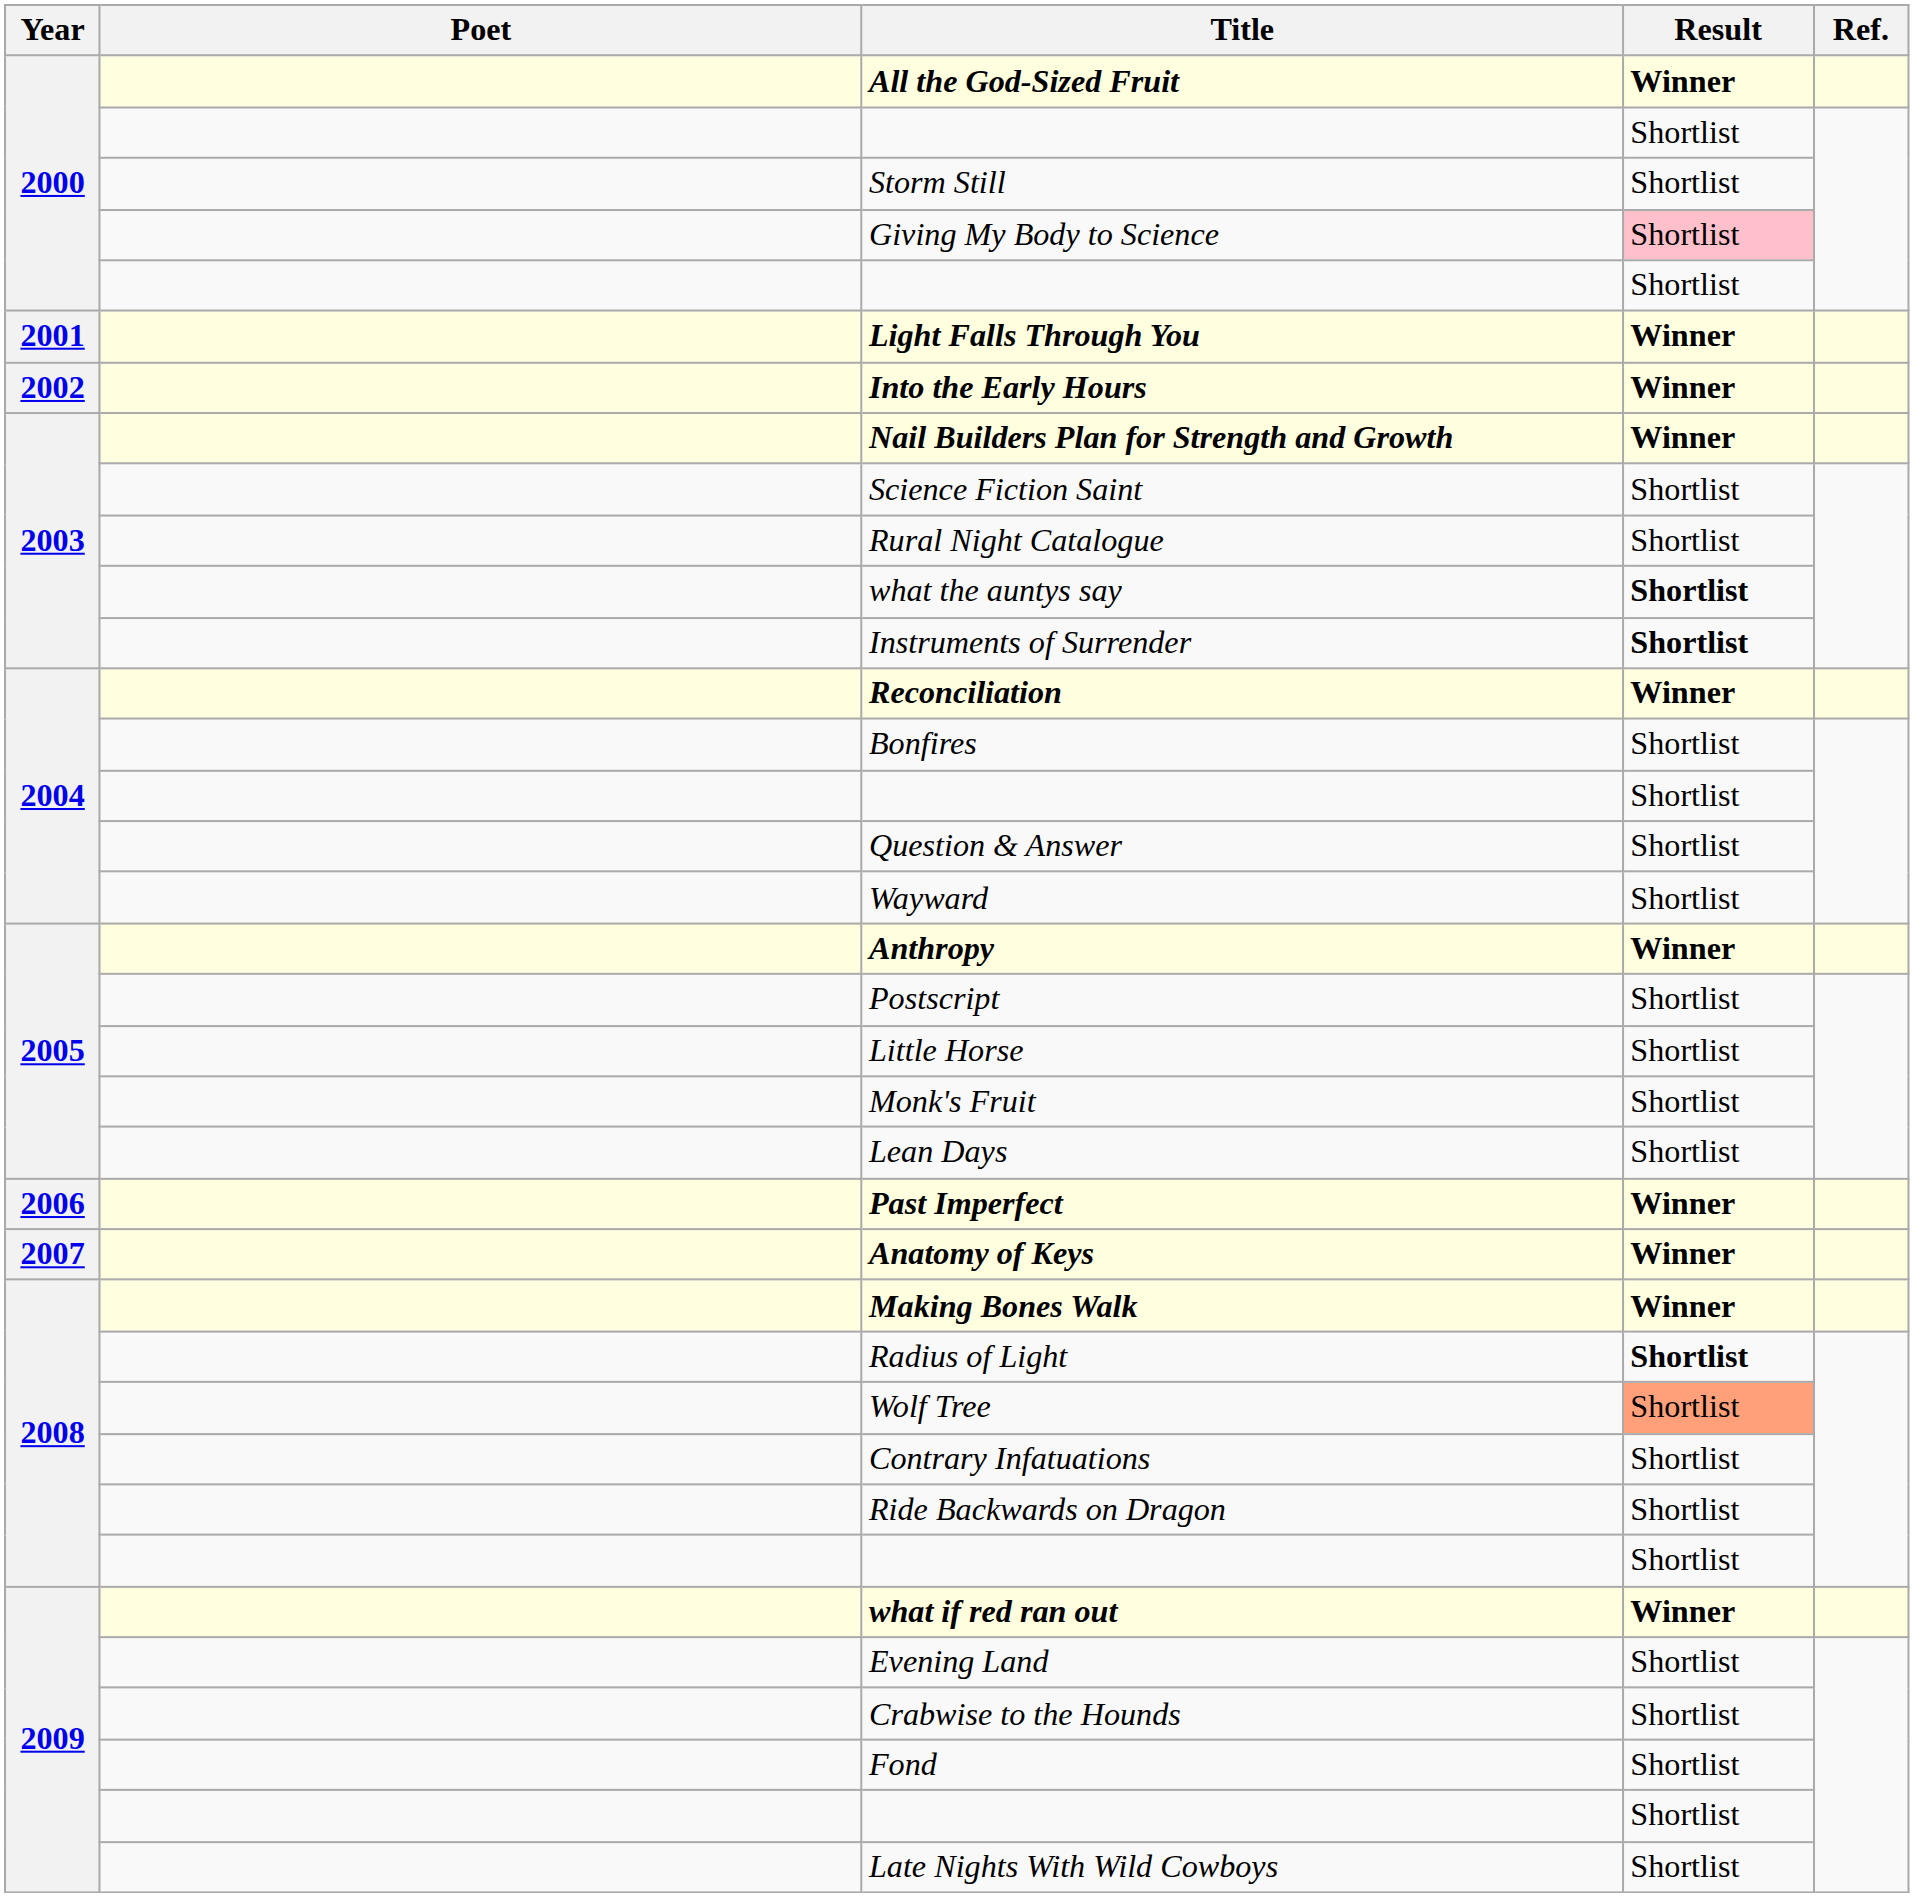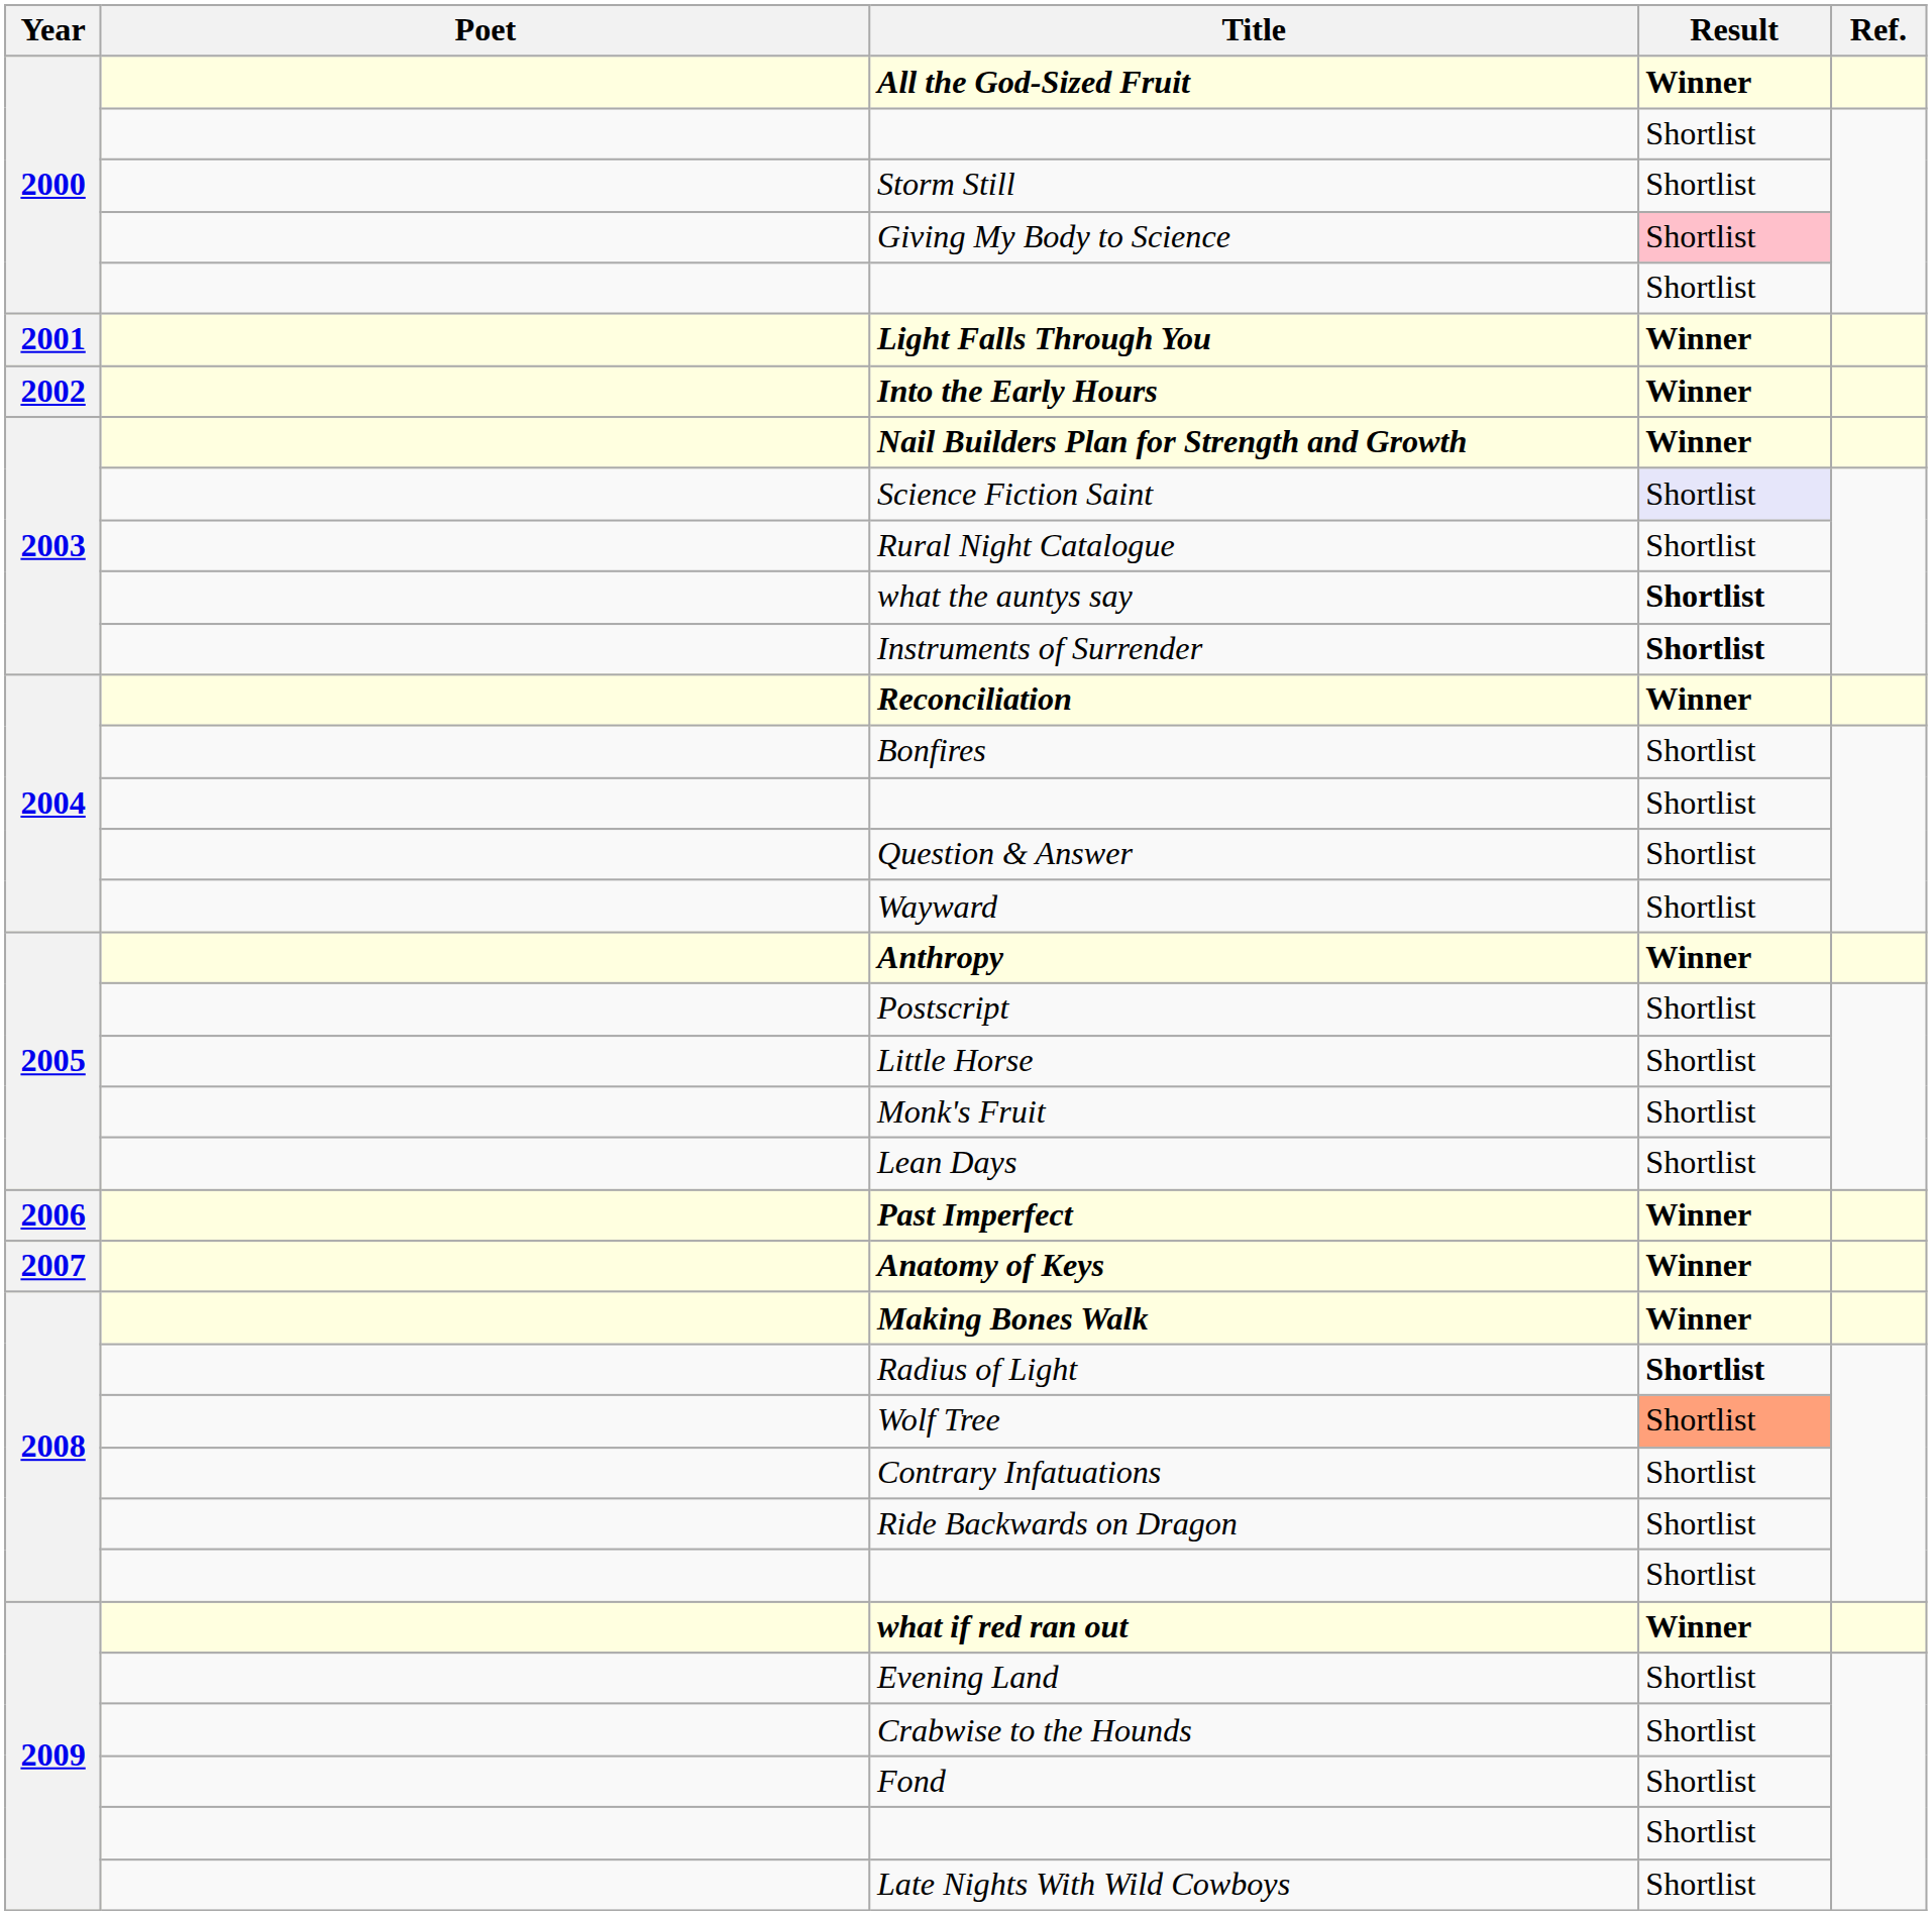 <table class="wikitable sortable mw-collapsible" width=75% width=100%>
 <tr>
 <th width=5%>Year</th>
 <th width=40%>Poet</th>
 <th width=40%>Title</th>
 <th width=10%>Result</th>
 <th width=5% class="unsortable">Ref.</th>
 </tr>
 <tr style=background:lightyellow>
 <th rowspan="5"><a href='#'>2000</a></th>
 <td><strong></strong></td>
 <td><strong><em>All the God-Sized Fruit</em></strong></td>
 <td><strong>Winner</strong></td>
 <td></td>
 </tr>
 <tr>
 <td></td>
 <td><em></em></td>
 <td>Shortlist</td>
 <td rowspan=4></td>
 </tr>
 <tr>
 <td></td>
 <td><em>Storm Still</em></td>
 <td>Shortlist</td>
 </tr>
 <tr>
 <td></td>
 <td><em>Giving My Body to Science</em></td>
 <td style="background: pink;">Shortlist</td>
 </tr>
 <tr>
 <td></td>
 <td><em></em></td>
 <td>Shortlist</td>
 </tr>
 <tr style=background:lightyellow>
 <th><a href='#'>2001</a></th>
 <td><strong></strong></td>
 <td><strong><em>Light Falls Through You</em></strong></td>
 <td><strong>Winner</strong></td>
 <td></td>
 </tr>
 <tr style=background:lightyellow>
 <th><a href='#'>2002</a></th>
 <td><strong></strong></td>
 <td><strong><em>Into the Early Hours</em></strong></td>
 <td><strong>Winner</strong></td>
 <td></td>
 </tr>
 <tr style=background:lightyellow>
 <th rowspan="5"><a href='#'>2003</a></th>
 <td><strong></strong></td>
 <td><strong><em>Nail Builders Plan for Strength and Growth</em></strong></td>
 <td><strong>Winner</strong></td>
 <td></td>
 </tr>
 <tr>
 <td></td>
 <td><em>Science Fiction Saint</em></td>
-<td>Shortlist</td>
+<td style="background: lavender;">Shortlist</td>
 <td rowspan=4></td>
 </tr>
 <tr>
 <td></td>
 <td><em>Rural Night Catalogue</em></td>
 <td>Shortlist</td>
 </tr>
 <tr>
 <td></td>
 <td><em>what the auntys say</em></td>
 <td><strong>Shortlist</strong></td>
 </tr>
 <tr>
 <td></td>
 <td><em>Instruments of Surrender</em></td>
 <td><strong>Shortlist</strong></td>
 </tr>
 <tr style=background:lightyellow>
 <th rowspan="5"><a href='#'>2004</a></th>
 <td><strong></strong></td>
 <td><strong><em>Reconciliation</em></strong></td>
 <td><strong>Winner</strong></td>
 <td></td>
 </tr>
 <tr>
 <td></td>
 <td><em>Bonfires</em></td>
 <td>Shortlist</td>
 <td rowspan=4></td>
 </tr>
 <tr>
 <td></td>
 <td><em></em></td>
 <td>Shortlist</td>
 </tr>
 <tr>
 <td></td>
 <td><em>Question & Answer</em></td>
 <td>Shortlist</td>
 </tr>
 <tr>
 <td></td>
 <td><em>Wayward</em></td>
 <td>Shortlist</td>
 </tr>
 <tr style=background:lightyellow>
 <th rowspan="5"><a href='#'>2005</a></th>
 <td><strong></strong></td>
 <td><strong><em>Anthropy</em></strong></td>
 <td><strong>Winner</strong></td>
 <td></td>
 </tr>
 <tr>
 <td></td>
 <td><em>Postscript</em></td>
 <td>Shortlist</td>
 <td rowspan=4></td>
 </tr>
 <tr>
 <td></td>
 <td><em>Little Horse</em></td>
 <td>Shortlist</td>
 </tr>
 <tr>
 <td></td>
 <td><em>Monk's Fruit</em></td>
 <td>Shortlist</td>
 </tr>
 <tr>
 <td></td>
 <td><em>Lean Days</em></td>
 <td>Shortlist</td>
 </tr>
 <tr style=background:lightyellow>
 <th><a href='#'>2006</a></th>
 <td><strong></strong></td>
 <td><strong><em>Past Imperfect</em></strong></td>
 <td><strong>Winner</strong></td>
 <td></td>
 </tr>
 <tr style=background:lightyellow>
 <th><a href='#'>2007</a></th>
 <td><strong></strong></td>
 <td><strong><em>Anatomy of Keys</em></strong></td>
 <td><strong>Winner</strong></td>
 <td></td>
 </tr>
 <tr style=background:lightyellow>
 <th rowspan="6"><a href='#'>2008</a></th>
 <td><strong></strong></td>
 <td><strong><em>Making Bones Walk</em></strong></td>
 <td><strong>Winner</strong></td>
 <td></td>
 </tr>
 <tr>
 <td></td>
 <td><em>Radius of Light</em></td>
 <td><strong>Shortlist</strong></td>
 <td rowspan=5></td>
 </tr>
 <tr>
 <td></td>
 <td><em>Wolf Tree</em></td>
 <td style="background: lightsalmon;">Shortlist</td>
 </tr>
 <tr>
 <td></td>
 <td><em>Contrary Infatuations</em></td>
 <td>Shortlist</td>
 </tr>
 <tr>
 <td></td>
 <td><em>Ride Backwards on Dragon</em></td>
 <td>Shortlist</td>
 </tr>
 <tr>
 <td></td>
 <td><em></em></td>
 <td>Shortlist</td>
 </tr>
 <tr style=background:lightyellow>
 <th rowspan="6"><a href='#'>2009</a></th>
 <td><strong></strong></td>
 <td><strong><em>what if red ran out</em></strong></td>
 <td><strong>Winner</strong></td>
 <td></td>
 </tr>
 <tr>
 <td></td>
 <td><em>Evening Land</em></td>
 <td>Shortlist</td>
 <td rowspan=5></td>
 </tr>
 <tr>
 <td></td>
 <td><em>Crabwise to the Hounds</em></td>
 <td>Shortlist</td>
 </tr>
 <tr>
 <td></td>
 <td><em>Fond</em></td>
 <td>Shortlist</td>
 </tr>
 <tr>
 <td></td>
 <td><em></em></td>
 <td>Shortlist</td>
 </tr>
 <tr>
 <td></td>
 <td><em>Late Nights With Wild Cowboys</em></td>
 <td>Shortlist</td>
 </tr>
 </table>
